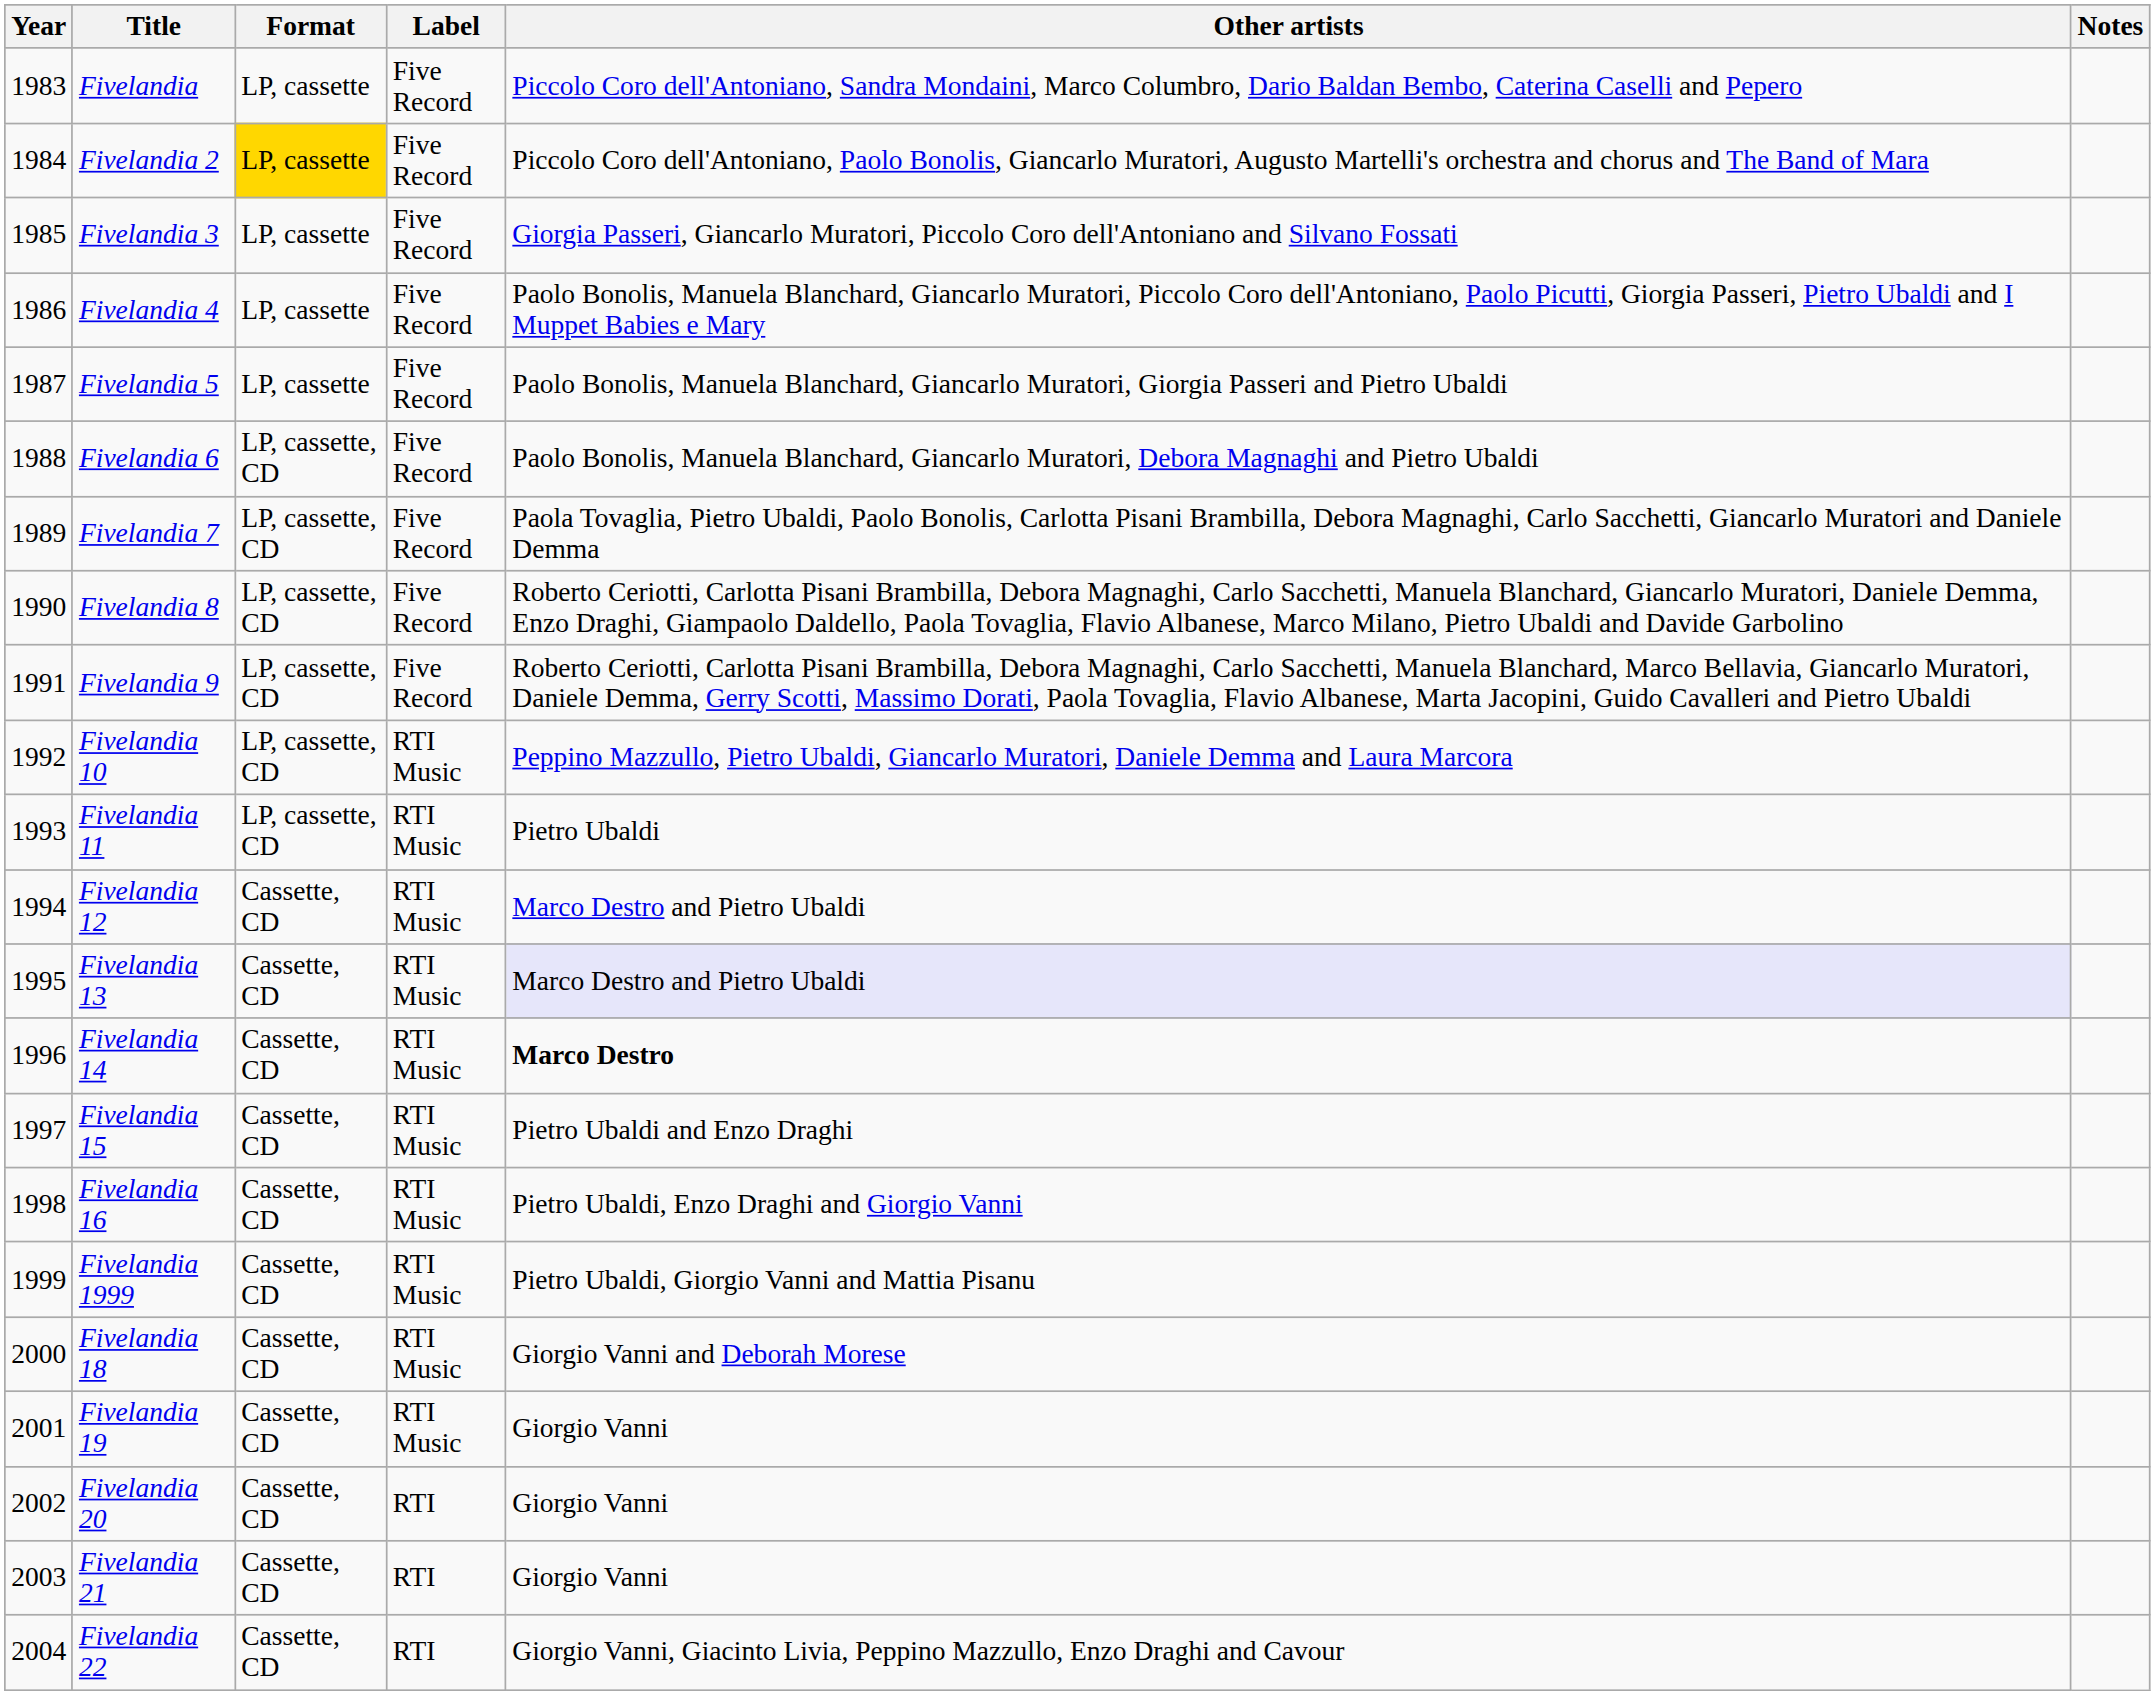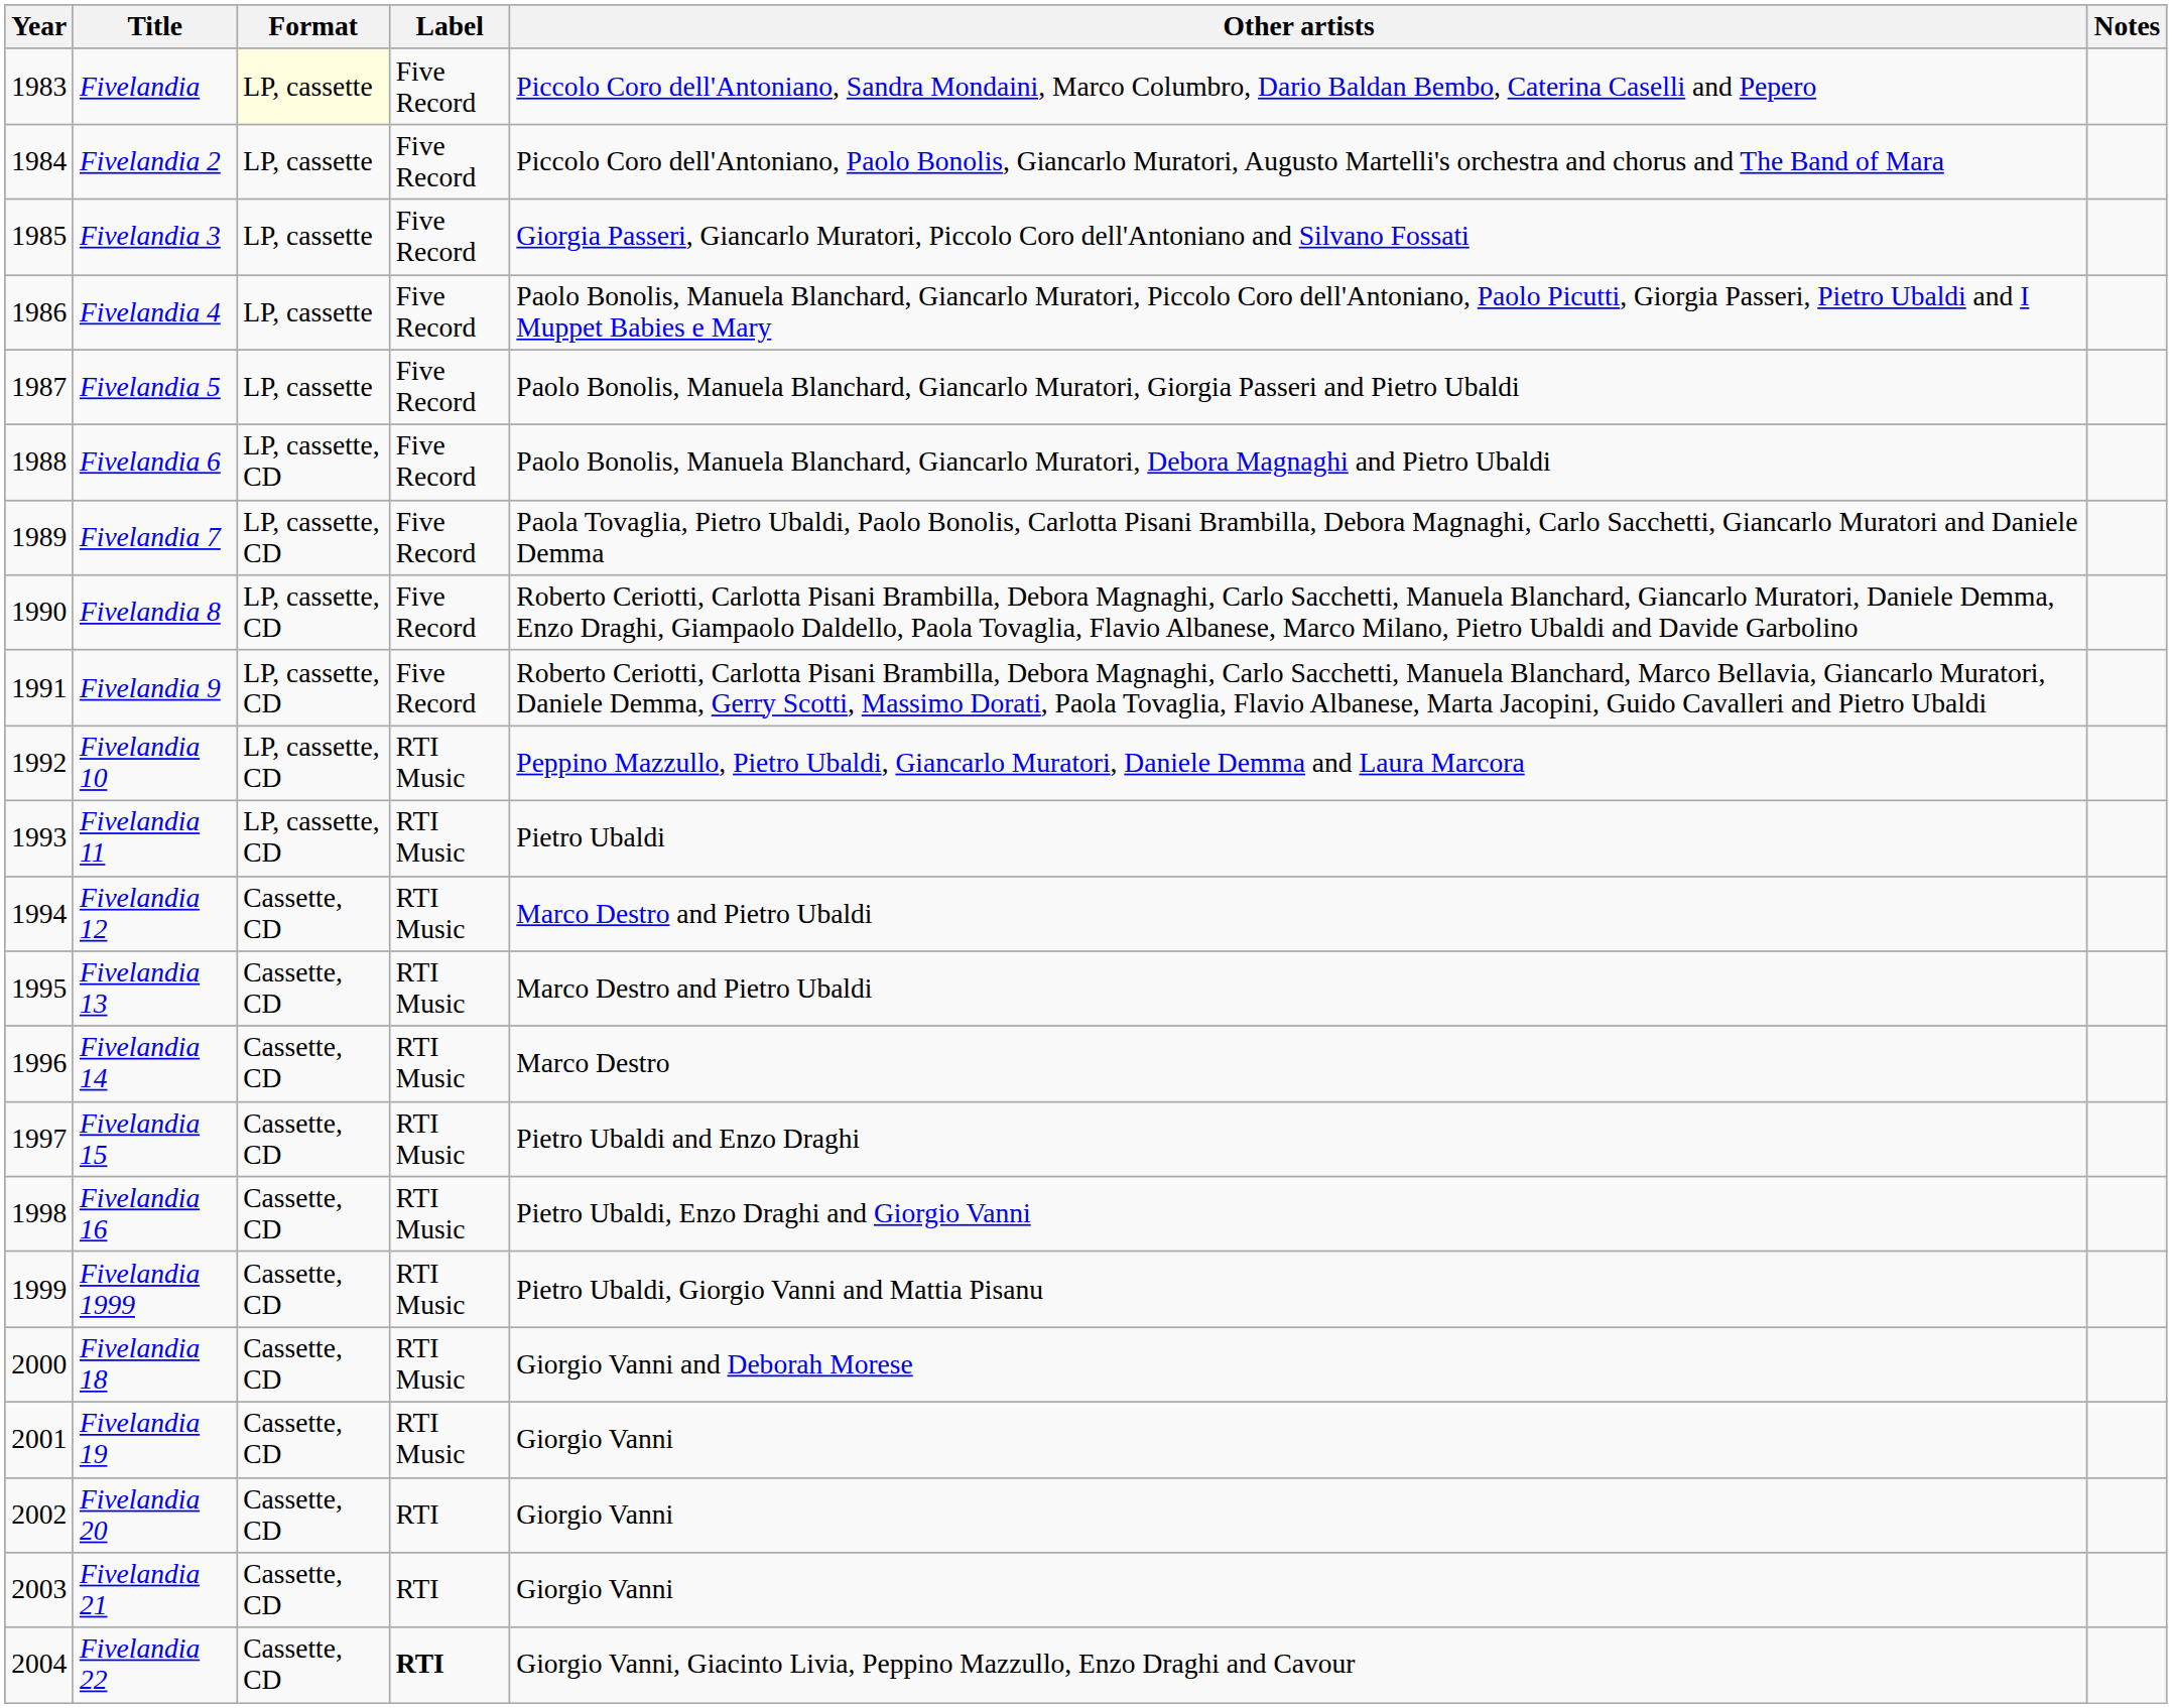 <table class=wikitable>
 <tr>
 <th>Year</th>
 <th>Title</th>
 <th>Format</th>
 <th>Label</th>
 <th>Other artists</th>
 <th>Notes</th>
 </tr>
 <tr>
 <td>1983</td>
 <td><em><a href='#'>Fivelandia</a></em></td>
-<td>LP, cassette</td>
+<td style="background: lightyellow;">LP, cassette</td>
 <td>Five Record</td>
 <td><a href='#'>Piccolo Coro dell'Antoniano</a>, <a href='#'>Sandra Mondaini</a>, Marco Columbro, <a href='#'>Dario Baldan Bembo</a>, <a href='#'>Caterina Caselli</a> and <a href='#'>Pepero</a></td>
 <td></td>
 </tr>
 <tr>
 <td>1984</td>
 <td><em><a href='#'>Fivelandia 2</a></em></td>
-<td style="background: gold;">LP, cassette</td>
+<td>LP, cassette</td>
 <td>Five Record</td>
 <td>Piccolo Coro dell'Antoniano, <a href='#'>Paolo Bonolis</a>, Giancarlo Muratori, Augusto Martelli's orchestra and chorus and <a href='#'>The Band of Mara</a></td>
 <td></td>
 </tr>
 <tr>
 <td>1985</td>
 <td><em><a href='#'>Fivelandia 3</a></em></td>
 <td>LP, cassette</td>
 <td>Five Record</td>
 <td><a href='#'>Giorgia Passeri</a>, Giancarlo Muratori, Piccolo Coro dell'Antoniano and <a href='#'>Silvano Fossati</a></td>
 <td></td>
 </tr>
 <tr>
 <td>1986</td>
 <td><em><a href='#'>Fivelandia 4</a></em></td>
 <td>LP, cassette</td>
 <td>Five Record</td>
 <td>Paolo Bonolis, Manuela Blanchard, Giancarlo Muratori, Piccolo Coro dell'Antoniano, <a href='#'>Paolo Picutti</a>, Giorgia Passeri, <a href='#'>Pietro Ubaldi</a> and <a href='#'>I Muppet Babies e Mary</a></td>
 <td></td>
 </tr>
 <tr>
 <td>1987</td>
 <td><em><a href='#'>Fivelandia 5</a></em></td>
 <td>LP, cassette</td>
 <td>Five Record</td>
 <td>Paolo Bonolis, Manuela Blanchard, Giancarlo Muratori, Giorgia Passeri and Pietro Ubaldi</td>
 <td></td>
 </tr>
 <tr>
 <td>1988</td>
 <td><em><a href='#'>Fivelandia 6</a></em></td>
 <td>LP, cassette, CD</td>
 <td>Five Record</td>
 <td>Paolo Bonolis, Manuela Blanchard, Giancarlo Muratori, <a href='#'>Debora Magnaghi</a> and Pietro Ubaldi</td>
 <td></td>
 </tr>
 <tr>
 <td>1989</td>
 <td><em><a href='#'>Fivelandia 7</a></em></td>
 <td>LP, cassette, CD</td>
 <td>Five Record</td>
 <td>Paola Tovaglia, Pietro Ubaldi, Paolo Bonolis, Carlotta Pisani Brambilla, Debora Magnaghi, Carlo Sacchetti, Giancarlo Muratori and Daniele Demma</td>
 <td></td>
 </tr>
 <tr>
 <td>1990</td>
 <td><em><a href='#'>Fivelandia 8</a></em></td>
 <td>LP, cassette, CD</td>
 <td>Five Record</td>
 <td>Roberto Ceriotti, Carlotta Pisani Brambilla, Debora Magnaghi, Carlo Sacchetti, Manuela Blanchard, Giancarlo Muratori, Daniele Demma, Enzo Draghi, Giampaolo Daldello, Paola Tovaglia, Flavio Albanese, Marco Milano, Pietro Ubaldi and Davide Garbolino</td>
 <td></td>
 </tr>
 <tr>
 <td>1991</td>
 <td><em><a href='#'>Fivelandia 9</a></em></td>
 <td>LP, cassette, CD</td>
 <td>Five Record</td>
 <td>Roberto Ceriotti, Carlotta Pisani Brambilla, Debora Magnaghi, Carlo Sacchetti, Manuela Blanchard, Marco Bellavia, Giancarlo Muratori, Daniele Demma, <a href='#'>Gerry Scotti</a>, <a href='#'>Massimo Dorati</a>, Paola Tovaglia, Flavio Albanese, Marta Jacopini, Guido Cavalleri and Pietro Ubaldi</td>
 <td></td>
 </tr>
 <tr>
 <td>1992</td>
 <td><em><a href='#'>Fivelandia 10</a></em></td>
 <td>LP, cassette, CD</td>
 <td>RTI Music</td>
 <td><a href='#'>Peppino Mazzullo</a>, <a href='#'>Pietro Ubaldi</a>, <a href='#'>Giancarlo Muratori</a>, <a href='#'>Daniele Demma</a> and <a href='#'>Laura Marcora</a></td>
 <td></td>
 </tr>
 <tr>
 <td>1993</td>
 <td><em><a href='#'>Fivelandia 11</a></em></td>
 <td>LP, cassette, CD</td>
 <td>RTI Music</td>
 <td>Pietro Ubaldi</td>
 <td></td>
 </tr>
 <tr>
 <td>1994</td>
 <td><em><a href='#'>Fivelandia 12</a></em></td>
 <td>Cassette, CD</td>
 <td>RTI Music</td>
 <td><a href='#'>Marco Destro</a> and Pietro Ubaldi</td>
 <td></td>
 </tr>
 <tr>
 <td>1995</td>
 <td><em><a href='#'>Fivelandia 13</a></em></td>
 <td>Cassette, CD</td>
 <td>RTI Music</td>
-<td style="background: lavender;">Marco Destro and Pietro Ubaldi</td>
+<td>Marco Destro and Pietro Ubaldi</td>
 <td></td>
 </tr>
 <tr>
 <td>1996</td>
 <td><em><a href='#'>Fivelandia 14</a></em></td>
 <td>Cassette, CD</td>
 <td>RTI Music</td>
-<td><strong>Marco Destro</strong></td>
+<td>Marco Destro</td>
 <td></td>
 </tr>
 <tr>
 <td>1997</td>
 <td><em><a href='#'>Fivelandia 15</a></em></td>
 <td>Cassette, CD</td>
 <td>RTI Music</td>
 <td>Pietro Ubaldi and Enzo Draghi</td>
 <td></td>
 </tr>
 <tr>
 <td>1998</td>
 <td><em><a href='#'>Fivelandia 16</a></em></td>
 <td>Cassette, CD</td>
 <td>RTI Music</td>
 <td>Pietro Ubaldi, Enzo Draghi and <a href='#'>Giorgio Vanni</a></td>
 <td></td>
 </tr>
 <tr>
 <td>1999</td>
 <td><em><a href='#'>Fivelandia 1999</a></em></td>
 <td>Cassette, CD</td>
 <td>RTI Music</td>
 <td>Pietro Ubaldi, Giorgio Vanni and Mattia Pisanu</td>
 <td></td>
 </tr>
 <tr>
 <td>2000</td>
 <td><em><a href='#'>Fivelandia 18</a></em></td>
 <td>Cassette, CD</td>
 <td>RTI Music</td>
 <td>Giorgio Vanni and <a href='#'>Deborah Morese</a></td>
 <td></td>
 </tr>
 <tr>
 <td>2001</td>
 <td><em><a href='#'>Fivelandia 19</a></em></td>
 <td>Cassette, CD</td>
 <td>RTI Music</td>
 <td>Giorgio Vanni</td>
 <td></td>
 </tr>
 <tr>
 <td>2002</td>
 <td><em><a href='#'>Fivelandia 20</a></em></td>
 <td>Cassette, CD</td>
 <td>RTI</td>
 <td>Giorgio Vanni</td>
 <td></td>
 </tr>
 <tr>
 <td>2003</td>
 <td><em><a href='#'>Fivelandia 21</a></em></td>
 <td>Cassette, CD</td>
 <td>RTI</td>
 <td>Giorgio Vanni</td>
 <td></td>
 </tr>
 <tr>
 <td>2004</td>
 <td><em><a href='#'>Fivelandia 22</a></em></td>
 <td>Cassette, CD</td>
-<td>RTI</td>
+<td><strong>RTI</strong></td>
 <td>Giorgio Vanni, Giacinto Livia, Peppino Mazzullo, Enzo Draghi and Cavour</td>
 </tr>
 <tr>
 </tr>
 </table>
